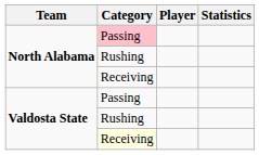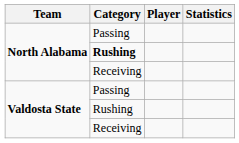 <table class="wikitable" style="float: right;">
 <tr>
 <th>Team</th>
 <th>Category</th>
 <th>Player</th>
 <th>Statistics</th>
 </tr>
 <tr>
 <td rowspan=3><strong>North Alabama</strong></td>
-<td style="background: pink;">Passing</td>
+<td>Passing</td>
 <td></td>
 <td></td>
 </tr>
 <tr>
-<td>Rushing</td>
+<td><strong>Rushing</strong></td>
 <td></td>
 <td></td>
 </tr>
 <tr>
 <td>Receiving</td>
 <td></td>
 <td></td>
 </tr>
 <tr>
 <td rowspan=3><strong>Valdosta State</strong></td>
 <td>Passing</td>
 <td></td>
 <td></td>
 </tr>
 <tr>
 <td>Rushing</td>
 <td></td>
 <td></td>
 </tr>
 <tr>
-<td style="background: lightyellow;">Receiving</td>
+<td>Receiving</td>
 <td></td>
 <td></td>
 </tr>
 </table>
